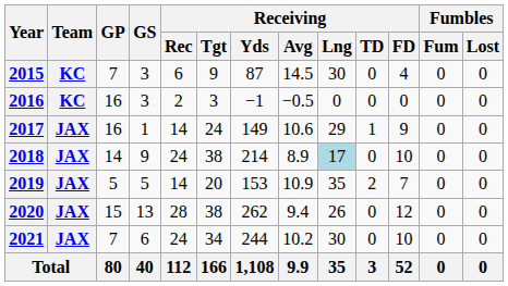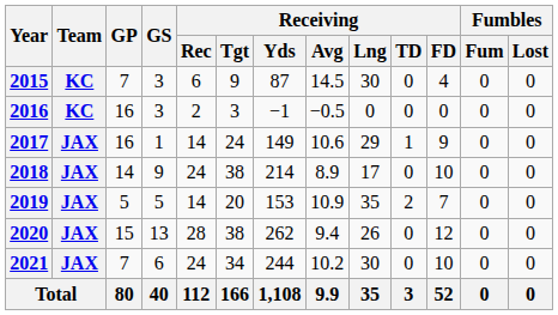 <table class="wikitable" style="text-align:center">
 <tr>
 <th rowspan="2">Year</th>
 <th rowspan="2">Team</th>
 <th rowspan="2">GP</th>
 <th rowspan="2">GS</th>
 <th colspan="7">Receiving</th>
 <th colspan="2">Fumbles</th>
 </tr>
 <tr>
 <th>Rec</th>
 <th>Tgt</th>
 <th>Yds</th>
 <th>Avg</th>
 <th>Lng</th>
 <th>TD</th>
 <th>FD</th>
 <th>Fum</th>
 <th>Lost</th>
 </tr>
 <tr>
 <th><a href='#'>2015</a></th>
 <th><a href='#'>KC</a></th>
 <td>7</td>
 <td>3</td>
 <td>6</td>
 <td>9</td>
 <td>87</td>
 <td>14.5</td>
 <td>30</td>
 <td>0</td>
 <td>4</td>
 <td>0</td>
 <td>0</td>
 </tr>
 <tr>
 <th><a href='#'>2016</a></th>
 <th><a href='#'>KC</a></th>
 <td>16</td>
 <td>3</td>
 <td>2</td>
 <td>3</td>
 <td>−1</td>
 <td>−0.5</td>
 <td>0</td>
 <td>0</td>
 <td>0</td>
 <td>0</td>
 <td>0</td>
 </tr>
 <tr>
 <th><a href='#'>2017</a></th>
 <th><a href='#'>JAX</a></th>
 <td>16</td>
 <td>1</td>
 <td>14</td>
 <td>24</td>
 <td>149</td>
 <td>10.6</td>
 <td>29</td>
 <td>1</td>
 <td>9</td>
 <td>0</td>
 <td>0</td>
 </tr>
 <tr>
 <th><a href='#'>2018</a></th>
 <th><a href='#'>JAX</a></th>
 <td>14</td>
 <td>9</td>
 <td>24</td>
 <td>38</td>
 <td>214</td>
 <td>8.9</td>
-<td style="background: lightblue;">17</td>
+<td>17</td>
 <td>0</td>
 <td>10</td>
 <td>0</td>
 <td>0</td>
 </tr>
 <tr>
 <th><a href='#'>2019</a></th>
 <th><a href='#'>JAX</a></th>
 <td>5</td>
 <td>5</td>
 <td>14</td>
 <td>20</td>
 <td>153</td>
 <td>10.9</td>
 <td>35</td>
 <td>2</td>
 <td>7</td>
 <td>0</td>
 <td>0</td>
 </tr>
 <tr>
 <th><a href='#'>2020</a></th>
 <th><a href='#'>JAX</a></th>
 <td>15</td>
 <td>13</td>
 <td>28</td>
 <td>38</td>
 <td>262</td>
 <td>9.4</td>
 <td>26</td>
 <td>0</td>
 <td>12</td>
 <td>0</td>
 <td>0</td>
 </tr>
 <tr>
 <th><a href='#'>2021</a></th>
 <th><a href='#'>JAX</a></th>
 <td>7</td>
 <td>6</td>
 <td>24</td>
 <td>34</td>
 <td>244</td>
 <td>10.2</td>
 <td>30</td>
 <td>0</td>
 <td>10</td>
 <td>0</td>
 <td>0</td>
 </tr>
 <tr>
 <th colspan="2">Total</th>
 <th>80</th>
 <th>40</th>
 <th>112</th>
 <th>166</th>
 <th>1,108</th>
 <th>9.9</th>
 <th>35</th>
 <th>3</th>
 <th>52</th>
 <th>0</th>
 <th>0</th>
 </tr>
 </table>
